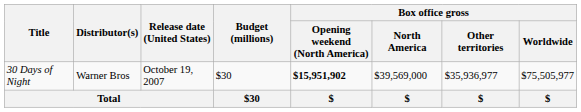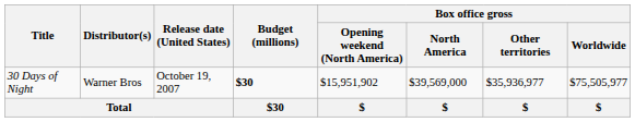 <table class="wikitable sortable">
 <tr>
 <th rowspan="2">Title</th>
 <th rowspan="2">Distributor(s)</th>
 <th rowspan="2">Release date<br>(United States)</th>
 <th rowspan="2">Budget (millions)</th>
 <th colspan="4">Box office gross</th>
 </tr>
 <tr>
 <th>Opening weekend<br>(North America)</th>
 <th>North America</th>
 <th>Other territories</th>
 <th>Worldwide</th>
 </tr>
 <tr>
 <td><em>30 Days of Night</em></td>
 <td>Warner Bros</td>
 <td>October 19, 2007</td>
-<td>$30</td>
-<td><strong>$15,951,902</strong></td>
+<td><strong>$30</strong></td>
+<td>$15,951,902</td>
 <td>$39,569,000</td>
 <td>$35,936,977</td>
 <td>$75,505,977</td>
 </tr>
 <tr>
 <th class="unsortable" colspan="3">Total</th>
 <th>$30</th>
 <th>$</th>
 <th>$</th>
 <th>$</th>
 <th>$</th>
 </tr>
 </table>
